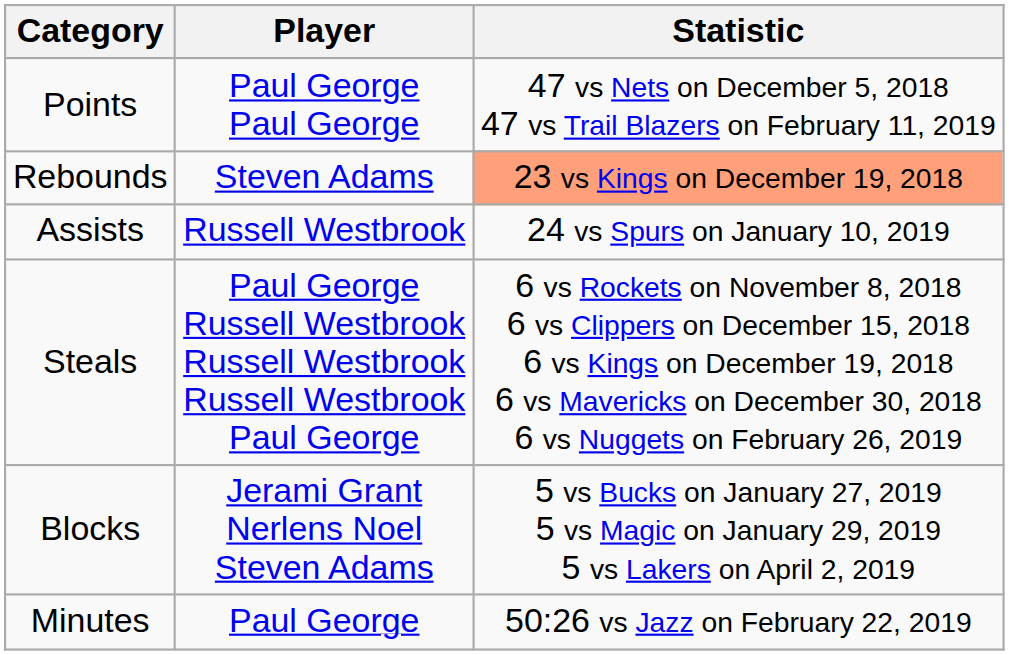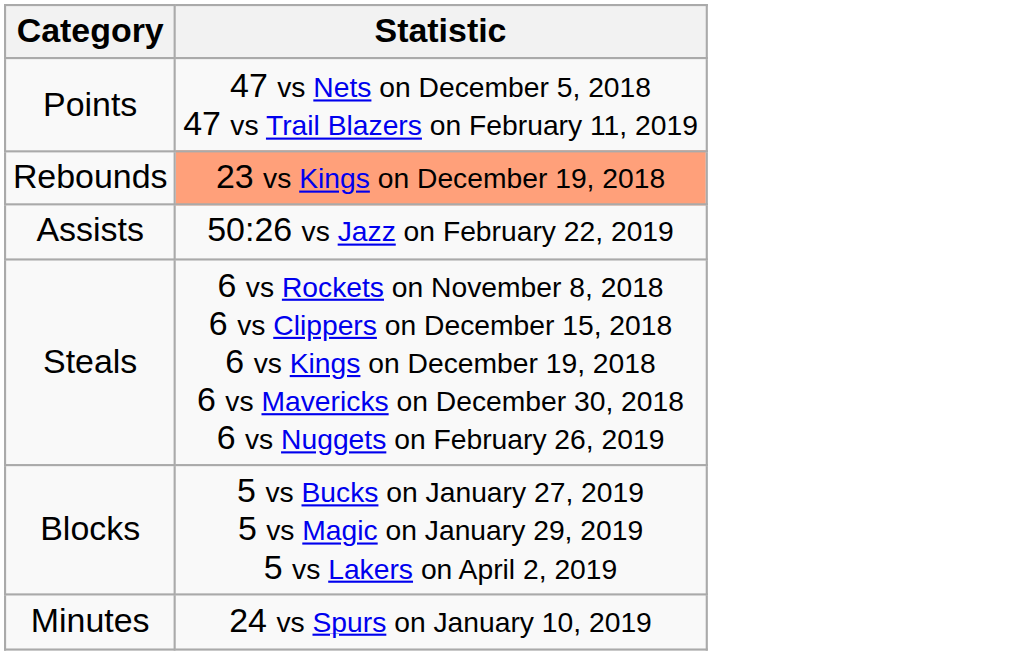 <table class="wikitable sortable sortable" style="text-align: center">
 <tr>
 <th>Category</th>
-<th>Player</th>
 <th>Statistic</th>
 </tr>
 <tr style="text-align: center">
 <td>Points</td>
-<td><a href='#'>Paul George</a><br><a href='#'>Paul George</a></td>
 <td>47 <small>vs <a href='#'>Nets</a> on December 5, 2018</small><br>47 <small>vs <a href='#'>Trail Blazers</a> on February 11, 2019</small></td>
 </tr>
 <tr style="text-align: center">
 <td>Rebounds</td>
-<td><a href='#'>Steven Adams</a></td>
 <td style="background: lightsalmon;">23 <small>vs <a href='#'>Kings</a> on December 19, 2018</small></td>
 </tr>
 <tr style="text-align: center">
 <td>Assists</td>
-<td><a href='#'>Russell Westbrook</a></td>
-<td>24 <small>vs <a href='#'>Spurs</a> on January 10, 2019</small></td>
+<td>50:26 <small>vs <a href='#'>Jazz</a> on February 22, 2019</small></td>
 </tr>
 <tr style="text-align: center">
 <td>Steals</td>
-<td><a href='#'>Paul George</a><br><a href='#'>Russell Westbrook</a><br><a href='#'>Russell Westbrook</a><br><a href='#'>Russell Westbrook</a><br><a href='#'>Paul George</a></td>
 <td>6 <small>vs <a href='#'>Rockets</a> on November 8, 2018</small><br>6 <small>vs <a href='#'>Clippers</a> on December 15, 2018</small><br>6 <small>vs <a href='#'>Kings</a> on December 19, 2018</small><br>6 <small>vs <a href='#'>Mavericks</a> on December 30, 2018</small><br>6 <small>vs <a href='#'>Nuggets</a> on February 26, 2019</small></td>
 </tr>
 <tr style="text-align: center">
 <td>Blocks</td>
-<td><a href='#'>Jerami Grant</a><br><a href='#'>Nerlens Noel</a><br><a href='#'>Steven Adams</a></td>
 <td>5 <small>vs <a href='#'>Bucks</a> on January 27, 2019</small><br>5 <small>vs <a href='#'>Magic</a> on January 29, 2019</small><br>5 <small>vs <a href='#'>Lakers</a> on April 2, 2019</small></td>
 </tr>
 <tr style="text-align: center">
 <td>Minutes</td>
-<td><a href='#'>Paul George</a></td>
-<td>50:26 <small>vs <a href='#'>Jazz</a> on February 22, 2019</small></td>
+<td>24 <small>vs <a href='#'>Spurs</a> on January 10, 2019</small></td>
 </tr>
 </table>
